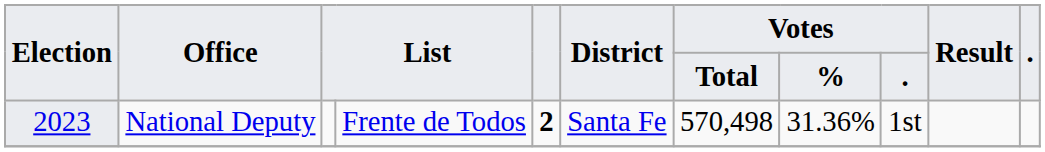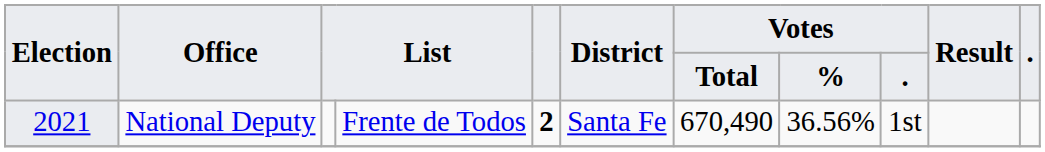 <table class="wikitable" style="font-size:90%; text-align:center;">
 <tr>
 <th style="background-color:#EAECF0;" rowspan=2>Election</th>
 <th style="background-color:#EAECF0;" rowspan=2>Office</th>
 <th style="background-color:#EAECF0;" colspan=2 rowspan=2>List</th>
 <th style="background-color:#EAECF0;" rowspan=2></th>
 <th style="background-color:#EAECF0;" rowspan=2>District</th>
 <th style="background-color:#EAECF0;" colspan=3>Votes</th>
 <th style="background-color:#EAECF0;" rowspan=2>Result</th>
 <th style="background-color:#EAECF0;" rowspan=2>.</th>
 </tr>
 <tr>
 <th style="background-color:#EAECF0;">Total</th>
 <th style="background-color:#EAECF0;">%</th>
 <th style="background-color:#EAECF0;">.</th>
 </tr>
 <tr>
-<td style="background-color:#EAECF0;"><a href='#'>2023</a></td>
+<td style="background-color:#EAECF0;"><a href='#'>2021</a></td>
 <td><a href='#'>National Deputy</a></td>
 <td style="background-color:"></td>
 <td><a href='#'>Frente de Todos</a></td>
 <td><strong>2</strong></td>
 <td><a href='#'>Santa Fe</a></td>
-<td>570,498</td>
-<td>31.36%</td>
+<td>670,490</td>
+<td>36.56%</td>
 <td>1st</td>
 <td></td>
 <td></td>
 </tr>
 <tr>
 </tr>
 </table>
